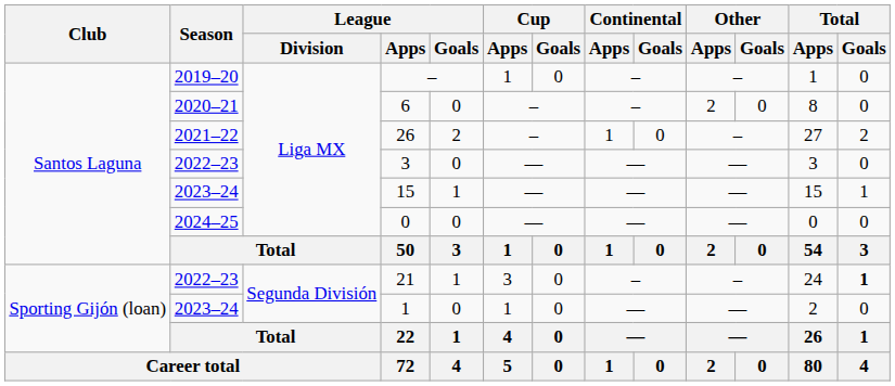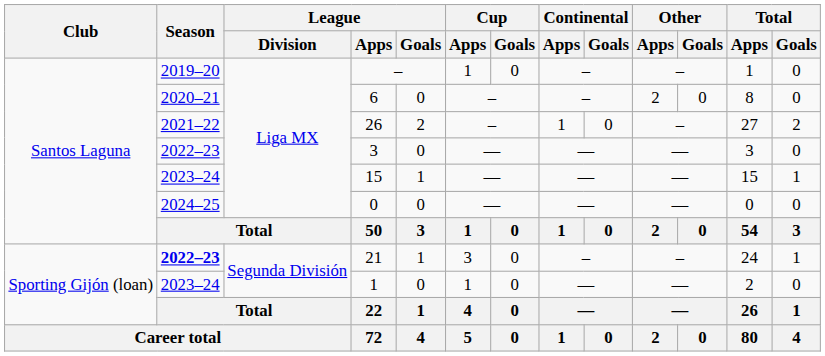 <table class="wikitable" style="text-align: center">
 <tr>
 <th rowspan="2">Club</th>
 <th rowspan="2">Season</th>
 <th colspan="3">League</th>
 <th colspan="2">Cup</th>
 <th colspan="2">Continental</th>
 <th colspan="2">Other</th>
 <th colspan="2">Total</th>
 </tr>
 <tr>
 <th>Division</th>
 <th>Apps</th>
 <th>Goals</th>
 <th>Apps</th>
 <th>Goals</th>
 <th>Apps</th>
 <th>Goals</th>
 <th>Apps</th>
 <th>Goals</th>
 <th>Apps</th>
 <th>Goals</th>
 </tr>
 <tr>
 <td rowspan="7"><a href='#'>Santos Laguna</a></td>
 <td><a href='#'>2019–20</a></td>
 <td rowspan="6"><a href='#'>Liga MX</a></td>
 <td colspan="2">–</td>
 <td>1</td>
 <td>0</td>
 <td colspan="2">–</td>
 <td colspan="2">–</td>
 <td>1</td>
 <td>0</td>
 </tr>
 <tr>
 <td><a href='#'>2020–21</a></td>
 <td>6</td>
 <td>0</td>
 <td colspan="2">–</td>
 <td colspan="2">–</td>
 <td>2</td>
 <td>0</td>
 <td>8</td>
 <td>0</td>
 </tr>
 <tr>
 <td><a href='#'>2021–22</a></td>
 <td>26</td>
 <td>2</td>
 <td colspan="2">–</td>
 <td>1</td>
 <td>0</td>
 <td colspan="2">–</td>
 <td>27</td>
 <td>2</td>
 </tr>
 <tr>
 <td><a href='#'>2022–23</a></td>
 <td>3</td>
 <td>0</td>
 <td colspan="2">—</td>
 <td colspan="2">—</td>
 <td colspan="2">—</td>
 <td>3</td>
 <td>0</td>
 </tr>
 <tr>
 <td><a href='#'>2023–24</a></td>
 <td>15</td>
 <td>1</td>
 <td colspan="2">—</td>
 <td colspan="2">—</td>
 <td colspan="2">—</td>
 <td>15</td>
 <td>1</td>
 </tr>
 <tr>
 <td><a href='#'>2024–25</a></td>
 <td>0</td>
 <td>0</td>
 <td colspan="2">—</td>
 <td colspan="2">—</td>
 <td colspan="2">—</td>
 <td>0</td>
 <td>0</td>
 </tr>
 <tr>
 <th colspan="2">Total</th>
 <th>50</th>
 <th>3</th>
 <th>1</th>
 <th>0</th>
 <th>1</th>
 <th>0</th>
 <th>2</th>
 <th>0</th>
 <th>54</th>
 <th>3</th>
 </tr>
 <tr>
 <td rowspan="3"><a href='#'>Sporting Gijón</a> (loan)</td>
-<td><a href='#'>2022–23</a></td>
+<td><strong><a href='#'>2022–23</a></strong></td>
 <td rowspan="2"><a href='#'>Segunda División</a></td>
 <td>21</td>
 <td>1</td>
 <td>3</td>
 <td>0</td>
 <td colspan="2">–</td>
 <td colspan="2">–</td>
 <td>24</td>
-<td><strong>1</strong></td>
+<td>1</td>
 </tr>
 <tr>
 <td><a href='#'>2023–24</a></td>
 <td>1</td>
 <td>0</td>
 <td>1</td>
 <td>0</td>
 <td colspan="2">—</td>
 <td colspan="2">—</td>
 <td>2</td>
 <td>0</td>
 </tr>
 <tr>
 <th colspan="2">Total</th>
 <th>22</th>
 <th>1</th>
 <th>4</th>
 <th>0</th>
 <th colspan="2">—</th>
 <th colspan="2">—</th>
 <th>26</th>
 <th>1</th>
 </tr>
 <tr>
 <th colspan=3>Career total</th>
 <th>72</th>
 <th>4</th>
 <th>5</th>
 <th>0</th>
 <th>1</th>
 <th>0</th>
 <th>2</th>
 <th>0</th>
 <th>80</th>
 <th>4</th>
 </tr>
 </table>
